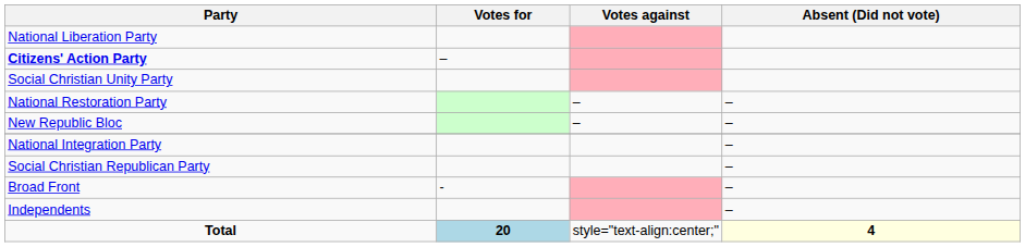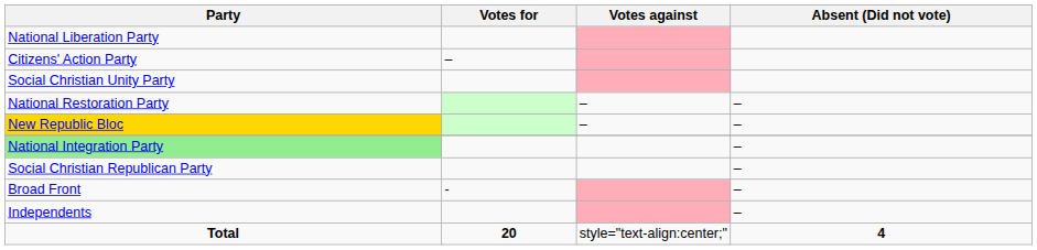 <table class="wikitable">
 <tr>
 <th>Party</th>
 <th>Votes for</th>
 <th style="width:15%;">Votes against</th>
 <th>Absent (Did not vote)</th>
 </tr>
 <tr>
 <td> <a href='#'>National Liberation Party</a></td>
 <td></td>
 <td style="background-color:#FFAEB9;"></td>
 <td></td>
 </tr>
 <tr>
-<td><strong> <a href='#'>Citizens' Action Party</a></strong></td>
+<td> <a href='#'>Citizens' Action Party</a></td>
 <td>–</td>
 <td style="background-color:#FFAEB9;"></td>
 <td></td>
 </tr>
 <tr>
 <td> <a href='#'>Social Christian Unity Party</a></td>
 <td></td>
 <td style="background-color:#FFAEB9;"></td>
 <td></td>
 </tr>
 <tr>
 <td> <a href='#'>National Restoration Party</a></td>
 <td style="background-color:#CCFFCC;"></td>
 <td>–</td>
 <td>–</td>
 </tr>
 <tr>
-<td> <a href='#'>New Republic Bloc</a></td>
+<td style="background: gold;"> <a href='#'>New Republic Bloc</a></td>
 <td style="background-color:#CCFFCC;"></td>
 <td>–</td>
 <td>–</td>
 </tr>
 <tr>
 </tr>
 <tr>
-<td> <a href='#'>National Integration Party</a></td>
+<td style="background: lightgreen;"> <a href='#'>National Integration Party</a></td>
 <td></td>
 <td></td>
 <td>–</td>
 </tr>
 <tr>
 <td> <a href='#'>Social Christian Republican Party</a></td>
 <td></td>
 <td></td>
 <td>–</td>
 </tr>
 <tr>
 <td> <a href='#'>Broad Front</a></td>
 <td>-</td>
 <td style="background-color:#FFAEB9;"></td>
 <td>–</td>
 </tr>
 <tr>
 <td> <a href='#'>Independents</a></td>
 <td></td>
 <td style="background-color:#FFAEB9;"></td>
 <td>–</td>
 </tr>
 <tr>
 <td style="text-align:center;"><strong>Total</strong></td>
-<td style="background: lightblue; text-align:center;"><strong>20</strong></td>
+<td style="text-align:center;"><strong>20</strong></td>
 <td>style="text-align:center;" </td>
-<td style="background: lightyellow; text-align:center;"><strong>4</strong></td>
+<td style="text-align:center;"><strong>4</strong></td>
 </tr>
 </table>
